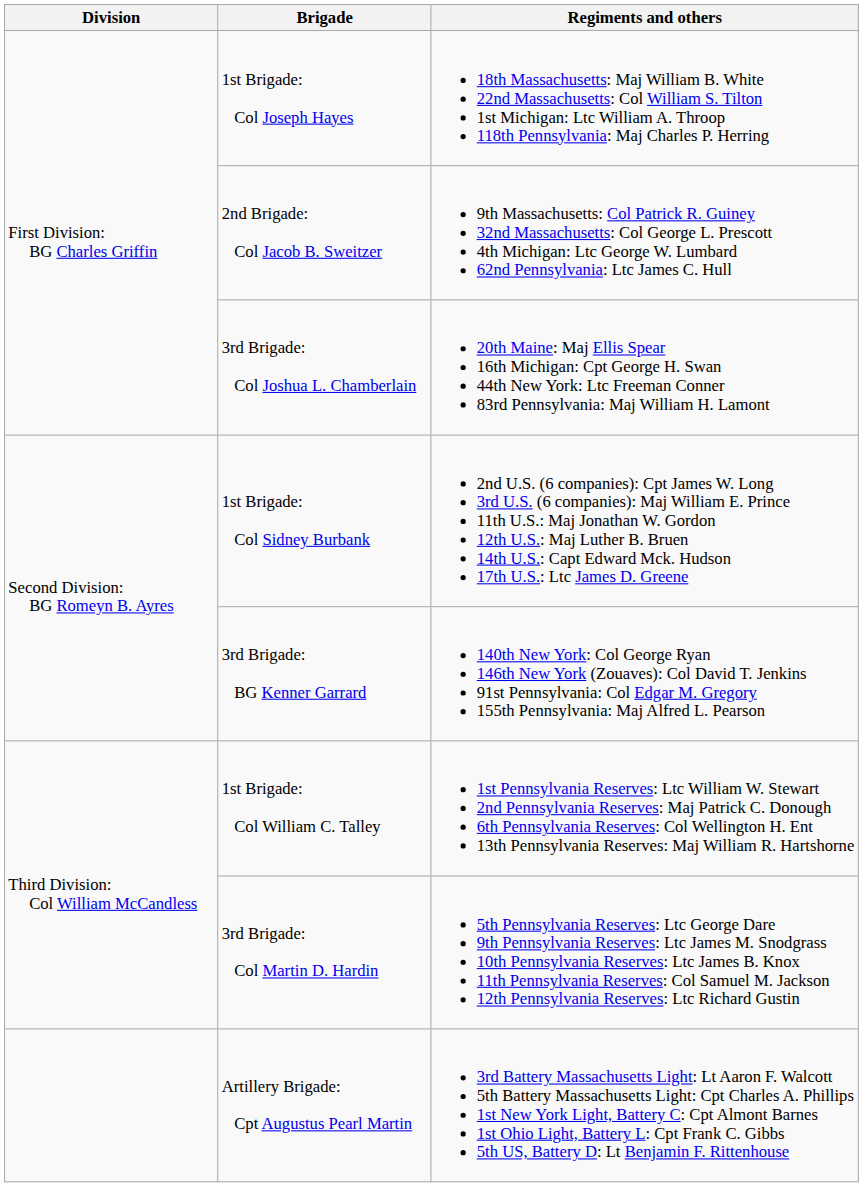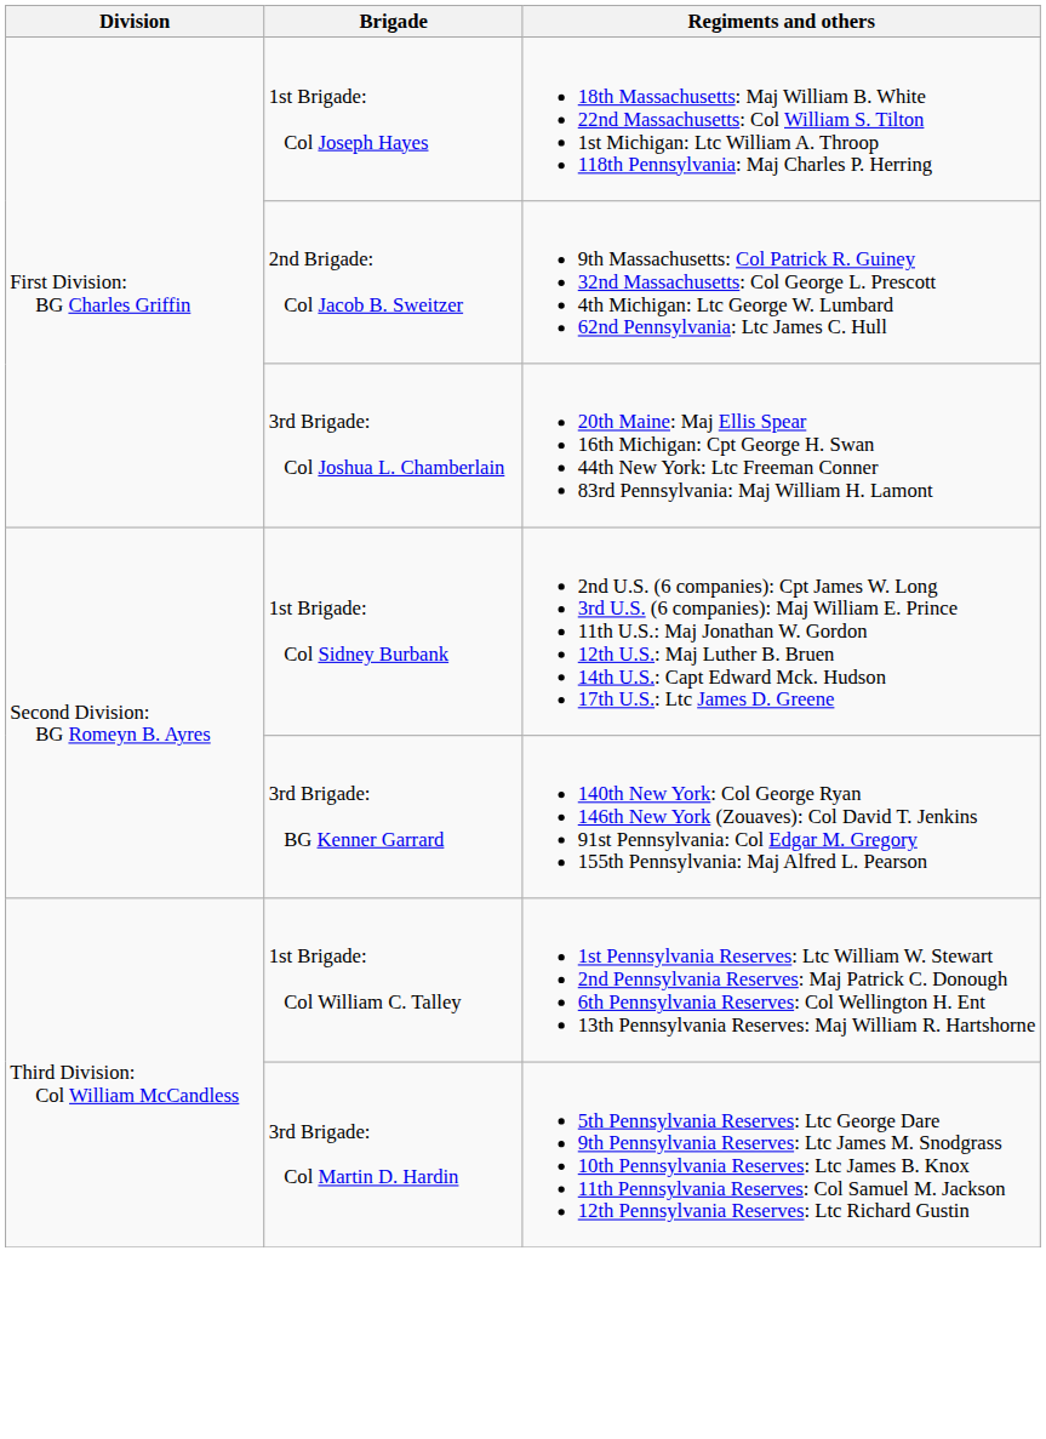 <table class="wikitable">
 <tr>
 <th width=25%>Division</th>
 <th width=25%>Brigade</th>
 <th>Regiments and others</th>
 </tr>
 <tr>
 <td rowspan=3><br>First Division: <br>     BG <a href='#'>Charles Griffin</a></td>
 <td>1st Brigade:<br><br>   Col <a href='#'>Joseph Hayes</a></td>
 <td><br><ul><li><a href='#'>18th Massachusetts</a>: Maj William B. White</li><li><a href='#'>22nd Massachusetts</a>: Col <a href='#'>William S. Tilton</a></li><li>1st Michigan: Ltc William A. Throop</li><li><a href='#'>118th Pennsylvania</a>: Maj Charles P. Herring</li></ul></td>
 </tr>
 <tr>
 <td>2nd Brigade:<br><br>   Col <a href='#'>Jacob B. Sweitzer</a></td>
 <td><br><ul><li>9th Massachusetts: <a href='#'>Col Patrick R. Guiney</a></li><li><a href='#'>32nd Massachusetts</a>: Col George L. Prescott</li><li>4th Michigan: Ltc George W. Lumbard</li><li><a href='#'>62nd Pennsylvania</a>: Ltc James C. Hull</li></ul></td>
 </tr>
 <tr>
 <td>3rd Brigade:<br><br>   Col <a href='#'>Joshua L. Chamberlain</a></td>
 <td><br><ul><li><a href='#'>20th Maine</a>: Maj <a href='#'>Ellis Spear</a></li><li>16th Michigan: Cpt George H. Swan</li><li>44th New York: Ltc Freeman Conner</li><li>83rd Pennsylvania: Maj William H. Lamont</li></ul></td>
 </tr>
 <tr>
 <td rowspan=2><br>Second Division: <br>     BG <a href='#'>Romeyn B. Ayres</a></td>
 <td>1st Brigade:<br><br>   Col <a href='#'>Sidney Burbank</a></td>
 <td><br><ul><li>2nd U.S. (6 companies): Cpt James W. Long</li><li><a href='#'>3rd U.S.</a> (6 companies): Maj William E. Prince</li><li>11th U.S.: Maj Jonathan W. Gordon</li><li><a href='#'>12th U.S.</a>: Maj Luther B. Bruen</li><li><a href='#'>14th U.S.</a>: Capt Edward Mck. Hudson</li><li><a href='#'>17th U.S.</a>: Ltc <a href='#'>James D. Greene</a></li></ul></td>
 </tr>
 <tr>
 <td>3rd Brigade:<br><br>   BG <a href='#'>Kenner Garrard</a></td>
 <td><br><ul><li><a href='#'>140th New York</a>: Col George Ryan</li><li><a href='#'>146th New York</a> (Zouaves): Col David T. Jenkins</li><li>91st Pennsylvania: Col <a href='#'>Edgar M. Gregory</a></li><li>155th Pennsylvania: Maj Alfred L. Pearson</li></ul></td>
 </tr>
 <tr>
 <td rowspan=2><br>Third Division: <br>     Col <a href='#'>William McCandless</a></td>
 <td>1st Brigade:<br><br>   Col William C. Talley</td>
 <td><br><ul><li><a href='#'>1st Pennsylvania Reserves</a>: Ltc William W. Stewart</li><li><a href='#'>2nd Pennsylvania Reserves</a>: Maj Patrick C. Donough</li><li><a href='#'>6th Pennsylvania Reserves</a>: Col Wellington H. Ent</li><li>13th Pennsylvania Reserves: Maj William R. Hartshorne</li></ul></td>
 </tr>
 <tr>
 <td>3rd Brigade:<br><br>   Col <a href='#'>Martin D. Hardin</a></td>
 <td><br><ul><li><a href='#'>5th Pennsylvania Reserves</a>: Ltc George Dare</li><li><a href='#'>9th Pennsylvania Reserves</a>: Ltc James M. Snodgrass</li><li><a href='#'>10th Pennsylvania Reserves</a>: Ltc James B. Knox</li><li><a href='#'>11th Pennsylvania Reserves</a>: Col Samuel M. Jackson</li><li><a href='#'>12th Pennsylvania Reserves</a>: Ltc Richard Gustin</li></ul></td>
 </tr>
-<tr>
-<td></td>
-<td>Artillery Brigade:<br><br>   Cpt <a href='#'>Augustus Pearl Martin</a></td>
-<td><br><ul><li><a href='#'>3rd Battery Massachusetts Light</a>: Lt Aaron F. Walcott</li><li>5th Battery Massachusetts Light: Cpt Charles A. Phillips</li><li><a href='#'>1st New York Light, Battery C</a>: Cpt Almont Barnes</li><li><a href='#'>1st Ohio Light, Battery L</a>: Cpt Frank C. Gibbs</li><li><a href='#'>5th US, Battery D</a>: Lt <a href='#'>Benjamin F. Rittenhouse</a></li></ul></td>
-</tr>
 </table>
